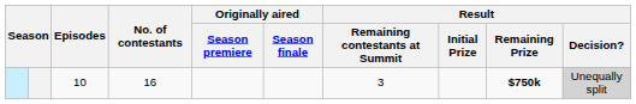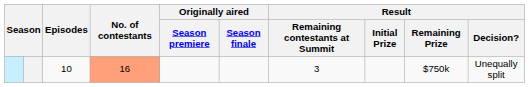 <table class="wikitable plainrowheaders" style="text-align: center;">
 <tr>
 <th scope="col" colspan="2" rowspan="2">Season</th>
 <th scope="col" rowspan="2">Episodes</th>
 <th scope="col" rowspan="2">No. of contestants</th>
 <th scope="col" colspan="2">Originally aired</th>
 <th scope="col" colspan="4">Result</th>
 </tr>
 <tr>
 <th scope="col"><a href='#'>Season premiere</a></th>
 <th scope="col"><a href='#'>Season finale</a></th>
 <th scope="col">Remaining contestants at Summit</th>
 <th scope="col">Initial Prize</th>
 <th scope="col">Remaining Prize</th>
 <th scope="col">Decision?</th>
 </tr>
 <tr>
 <td style="background:#c7effe; height:10px;"></td>
 <th scope="row"></th>
 <td>10</td>
-<td>16</td>
+<td style="background: lightsalmon;">16</td>
 <td></td>
 <td></td>
 <td>3</td>
 <td></td>
-<td><strong>$750k</strong></td>
-<td style="background: lightgrey;">Unequally split </td>
+<td>$750k</td>
+<td>Unequally split </td>
 </tr>
 </table>
